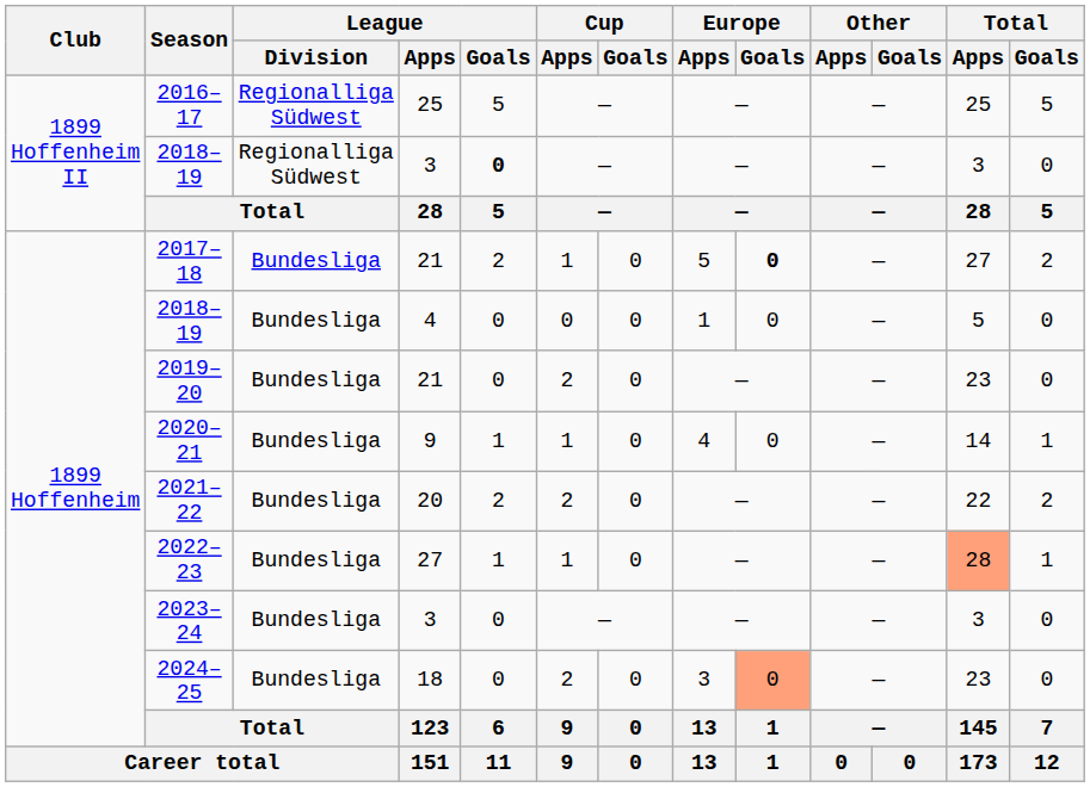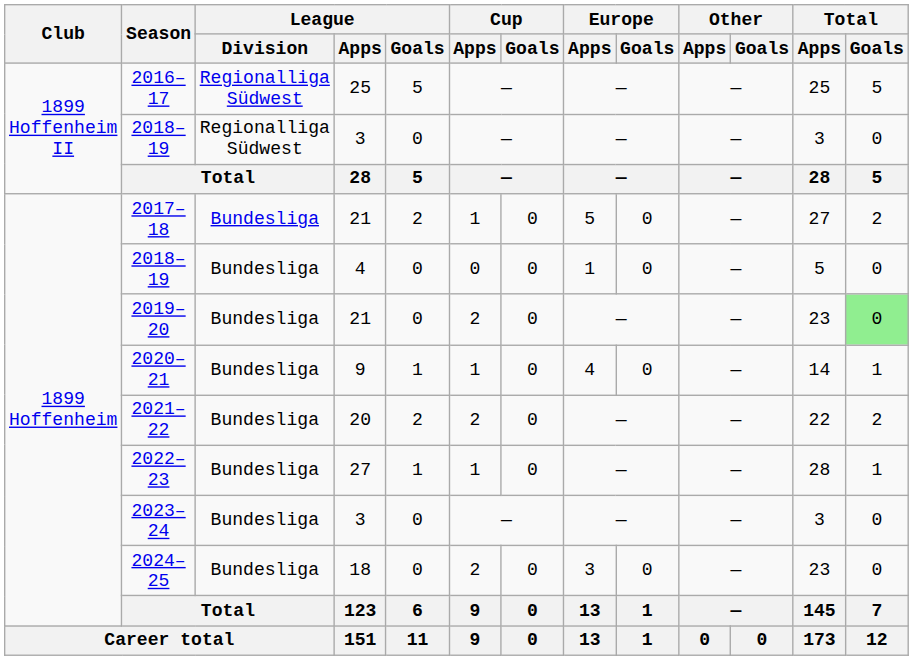 <table class="wikitable" style="text-align:center">
 <tr>
 <th rowspan="2">Club</th>
 <th rowspan="2">Season</th>
 <th colspan="3">League</th>
 <th colspan="2">Cup</th>
 <th colspan="2">Europe</th>
 <th colspan="2">Other</th>
 <th colspan="2">Total</th>
 </tr>
 <tr>
 <th>Division</th>
 <th>Apps</th>
 <th>Goals</th>
 <th>Apps</th>
 <th>Goals</th>
 <th>Apps</th>
 <th>Goals</th>
 <th>Apps</th>
 <th>Goals</th>
 <th>Apps</th>
 <th>Goals</th>
 </tr>
 <tr>
 <td rowspan="3"><a href='#'>1899 Hoffenheim II</a></td>
 <td><a href='#'>2016–17</a></td>
 <td><a href='#'>Regionalliga Südwest</a></td>
 <td>25</td>
 <td>5</td>
 <td colspan="2">—</td>
 <td colspan="2">—</td>
 <td colspan="2">—</td>
 <td>25</td>
 <td>5</td>
 </tr>
 <tr>
 <td><a href='#'>2018–19</a></td>
 <td>Regionalliga Südwest</td>
 <td>3</td>
-<td><strong>0</strong></td>
+<td>0</td>
 <td colspan="2">—</td>
 <td colspan="2">—</td>
 <td colspan="2">—</td>
 <td>3</td>
 <td>0</td>
 </tr>
 <tr>
 <th colspan="2">Total</th>
 <th>28</th>
 <th>5</th>
 <th colspan="2">—</th>
 <th colspan="2">—</th>
 <th colspan="2">—</th>
 <th>28</th>
 <th>5</th>
 </tr>
 <tr>
 <td rowspan="9"><a href='#'>1899 Hoffenheim</a></td>
 <td><a href='#'>2017–18</a></td>
 <td><a href='#'>Bundesliga</a></td>
 <td>21</td>
 <td>2</td>
 <td>1</td>
 <td>0</td>
 <td>5</td>
-<td><strong>0</strong></td>
+<td>0</td>
 <td colspan="2">—</td>
 <td>27</td>
 <td>2</td>
 </tr>
 <tr>
 <td><a href='#'>2018–19</a></td>
 <td>Bundesliga</td>
 <td>4</td>
 <td>0</td>
 <td>0</td>
 <td>0</td>
 <td>1</td>
 <td>0</td>
 <td colspan="2">—</td>
 <td>5</td>
 <td>0</td>
 </tr>
 <tr>
 <td><a href='#'>2019–20</a></td>
 <td>Bundesliga</td>
 <td>21</td>
 <td>0</td>
 <td>2</td>
 <td>0</td>
 <td colspan="2">—</td>
 <td colspan="2">—</td>
 <td>23</td>
-<td>0</td>
+<td style="background: lightgreen;">0</td>
 </tr>
 <tr>
 <td><a href='#'>2020–21</a></td>
 <td>Bundesliga</td>
 <td>9</td>
 <td>1</td>
 <td>1</td>
 <td>0</td>
 <td>4</td>
 <td>0</td>
 <td colspan="2">—</td>
 <td>14</td>
 <td>1</td>
 </tr>
 <tr>
 <td><a href='#'>2021–22</a></td>
 <td>Bundesliga</td>
 <td>20</td>
 <td>2</td>
 <td>2</td>
 <td>0</td>
 <td colspan="2">—</td>
 <td colspan="2">—</td>
 <td>22</td>
 <td>2</td>
 </tr>
 <tr>
 <td><a href='#'>2022–23</a></td>
 <td>Bundesliga</td>
 <td>27</td>
 <td>1</td>
 <td>1</td>
 <td>0</td>
 <td colspan="2">—</td>
 <td colspan="2">—</td>
-<td style="background: lightsalmon;">28</td>
+<td>28</td>
 <td>1</td>
 </tr>
 <tr>
 <td><a href='#'>2023–24</a></td>
 <td>Bundesliga</td>
 <td>3</td>
 <td>0</td>
 <td colspan="2">—</td>
 <td colspan="2">—</td>
 <td colspan="2">—</td>
 <td>3</td>
 <td>0</td>
 </tr>
 <tr>
 <td><a href='#'>2024–25</a></td>
 <td>Bundesliga</td>
 <td>18</td>
 <td>0</td>
 <td>2</td>
 <td>0</td>
 <td>3</td>
-<td style="background: lightsalmon;">0</td>
+<td>0</td>
 <td colspan="2">—</td>
 <td>23</td>
 <td>0</td>
 </tr>
 <tr>
 <th colspan="2">Total</th>
 <th>123</th>
 <th>6</th>
 <th>9</th>
 <th>0</th>
 <th>13</th>
 <th>1</th>
 <th colspan="2">—</th>
 <th>145</th>
 <th>7</th>
 </tr>
 <tr>
 <th colspan="3">Career total</th>
 <th>151</th>
 <th>11</th>
 <th>9</th>
 <th>0</th>
 <th>13</th>
 <th>1</th>
 <th>0</th>
 <th>0</th>
 <th>173</th>
 <th>12</th>
 </tr>
 </table>
